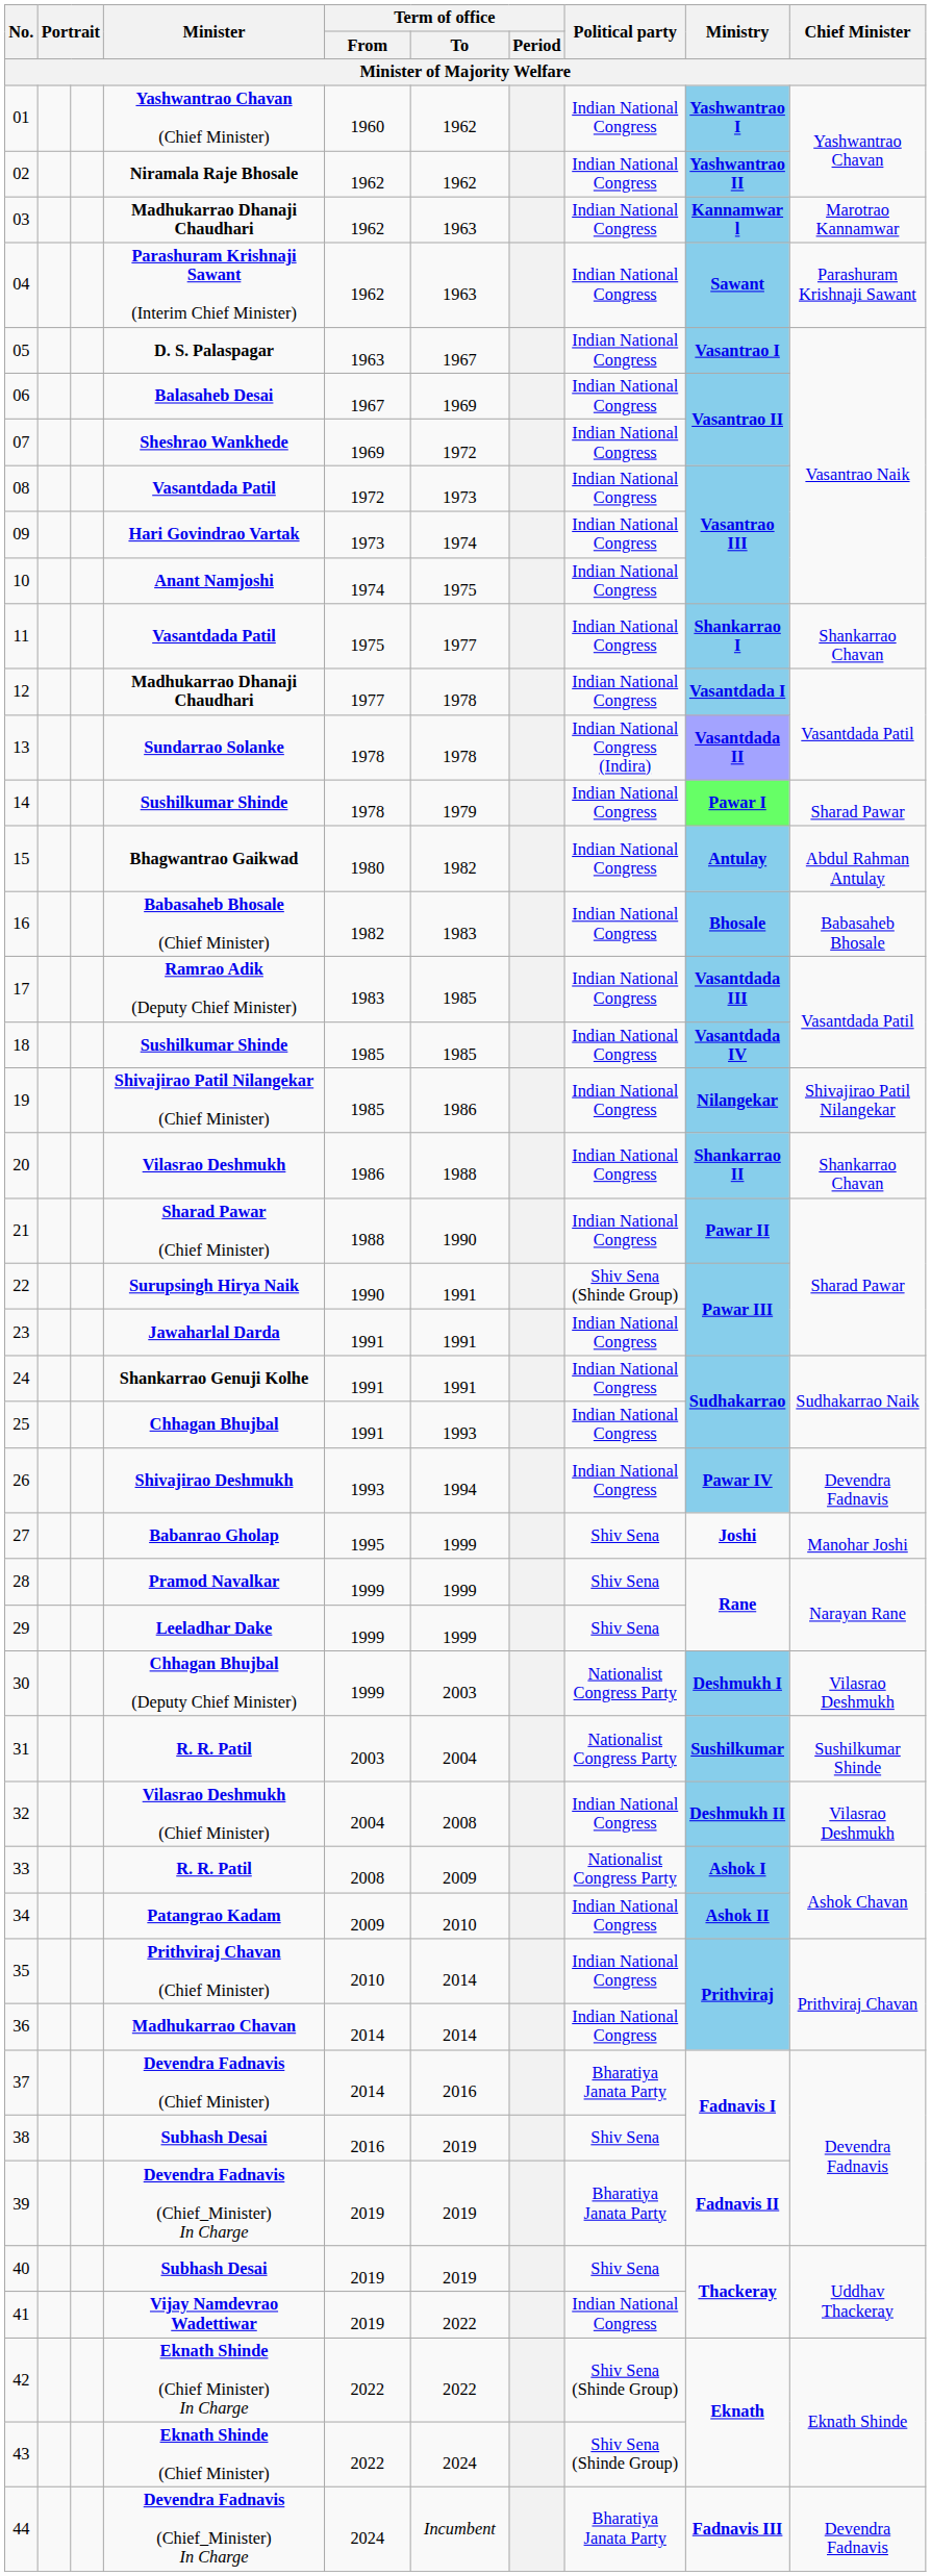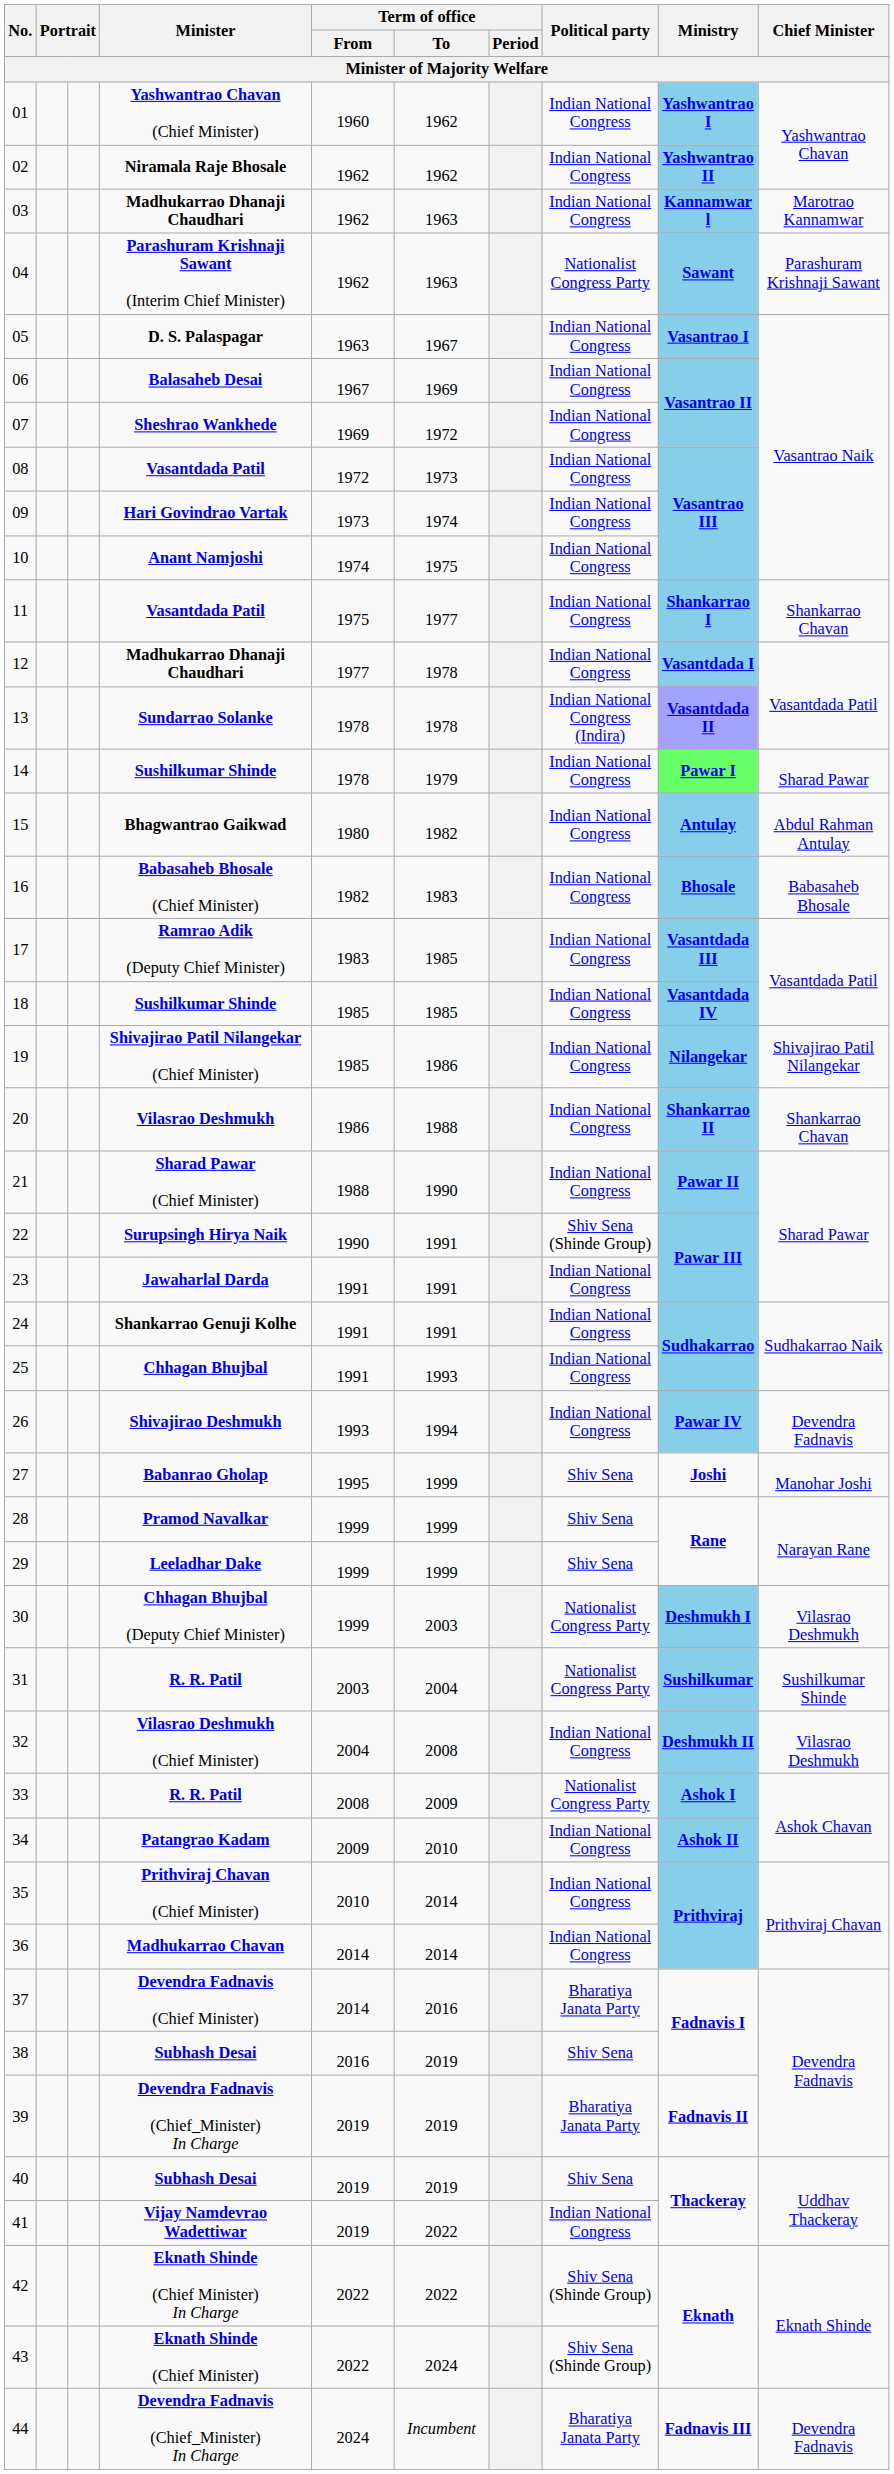 <table class="wikitable" style="text-align:center">
 <tr>
 <th rowspan="2">No.</th>
 <th rowspan="2" colspan="2">Portrait</th>
 <th rowspan="2" style="width:16em">Minister<br></th>
 <th colspan="3">Term of office</th>
 <th rowspan="2" style="width:8em">Political party</th>
 <th rowspan="2">Ministry</th>
 <th rowspan="2" style="width:9em">Chief Minister</th>
 </tr>
 <tr>
 <th style="width:6em">From</th>
 <th style="width:6em">To</th>
 <th>Period</th>
 </tr>
 <tr>
 <th colspan="10">Minister of Majority Welfare</th>
 </tr>
 <tr>
 <td>01</td>
 <td style="color:inherit;background:"></td>
 <td></td>
 <td><strong><a href='#'>Yashwantrao Chavan</a></strong> <br> <br> (Chief Minister)</td>
 <td><br>1960</td>
 <td><br>1962</td>
 <th></th>
 <td><a href='#'>Indian National Congress</a></td>
 <td bgcolor="#87CEEB"><a href='#'><strong>Yashwantrao I</strong></a></td>
 <td rowspan="2"> <br><a href='#'>Yashwantrao Chavan</a></td>
 </tr>
 <tr>
 <td>02</td>
 <td style="color:inherit;background:"></td>
 <td></td>
 <td><strong>Niramala Raje Bhosale</strong> <br> </td>
 <td><br>1962</td>
 <td><br>1962</td>
 <th></th>
 <td><a href='#'>Indian National Congress</a></td>
 <td bgcolor="#87CEEB"><a href='#'><strong>Yashwantrao II</strong></a></td>
 </tr>
 <tr>
 <td>03</td>
 <td style="color:inherit;background:"></td>
 <td></td>
 <td><strong>Madhukarrao Dhanaji Chaudhari</strong> <br> </td>
 <td><br>1962</td>
 <td><br>1963</td>
 <th></th>
 <td><a href='#'>Indian National Congress</a></td>
 <td bgcolor="#87CEEB"><a href='#'><strong>Kannamwar l</strong></a></td>
 <td><a href='#'>Marotrao Kannamwar</a></td>
 </tr>
 <tr>
 <td>04</td>
 <td style="color:inherit;background:"></td>
 <td></td>
 <td><strong><a href='#'>Parashuram Krishnaji Sawant</a></strong> <br>  <br>(Interim Chief Minister)</td>
 <td><br>1962</td>
 <td><br>1963</td>
 <th></th>
-<td><a href='#'>Indian National Congress</a></td>
+<td><a href='#'>Nationalist Congress Party</a></td>
 <td bgcolor="#87CEEB"><a href='#'><strong>Sawant</strong></a></td>
 <td><a href='#'>Parashuram Krishnaji Sawant</a></td>
 </tr>
 <tr>
 <td>05</td>
 <td style="color:inherit;background:"></td>
 <td></td>
 <td><strong>D. S. Palaspagar</strong> <br> </td>
 <td><br>1963</td>
 <td><br>1967</td>
 <th></th>
 <td><a href='#'>Indian National Congress</a></td>
 <td bgcolor="#87CEEB"><a href='#'><strong>Vasantrao I</strong></a></td>
 <td rowspan="6"><br><a href='#'>Vasantrao Naik</a></td>
 </tr>
 <tr>
 <td>06</td>
 <td style="color:inherit;background:"></td>
 <td></td>
 <td><strong><a href='#'>Balasaheb Desai</a></strong> <br> </td>
 <td><br>1967</td>
 <td><br>1969</td>
 <th></th>
 <td><a href='#'>Indian National Congress</a></td>
 <td rowspan="2" bgcolor="#87CEEB"><a href='#'><strong>Vasantrao II</strong></a></td>
 </tr>
 <tr>
 <td>07</td>
 <td style="color:inherit;background:"></td>
 <td></td>
 <td><strong><a href='#'>Sheshrao Wankhede</a></strong> <br> </td>
 <td><br>1969</td>
 <td><br>1972</td>
 <th></th>
 <td><a href='#'>Indian National Congress</a></td>
 </tr>
 <tr>
 <td>08</td>
 <td style="color:inherit;background:"></td>
 <td></td>
 <td><strong><a href='#'>Vasantdada Patil</a></strong> <br> </td>
 <td><br>1972</td>
 <td><br>1973</td>
 <th></th>
 <td><a href='#'>Indian National Congress</a></td>
 <td rowspan="3" bgcolor="#87CEEB"><a href='#'><strong>Vasantrao III</strong></a></td>
 </tr>
 <tr>
 <td>09</td>
 <td style="color:inherit;background:"></td>
 <td></td>
 <td><strong><a href='#'>Hari Govindrao Vartak</a></strong> <br> </td>
 <td><br>1973</td>
 <td><br>1974</td>
 <th></th>
 <td><a href='#'>Indian National Congress</a></td>
 </tr>
 <tr>
 <td>10</td>
 <td style="color:inherit;background:"></td>
 <td></td>
 <td><strong><a href='#'>Anant Namjoshi</a></strong> <br> </td>
 <td><br>1974</td>
 <td><br>1975</td>
 <th></th>
 <td><a href='#'>Indian National Congress</a></td>
 </tr>
 <tr>
 <td>11</td>
 <td style="color:inherit;background:"></td>
 <td></td>
 <td><strong><a href='#'>Vasantdada Patil</a></strong> <br> </td>
 <td><br>1975</td>
 <td><br>1977</td>
 <th></th>
 <td><a href='#'>Indian National Congress</a></td>
 <td rowspan="1" bgcolor="#87CEEB"><a href='#'><strong>Shankarrao I</strong></a></td>
 <td rowspan="1"><br><a href='#'>Shankarrao Chavan</a></td>
 </tr>
 <tr>
 <td>12</td>
 <td style="color:inherit;background:"></td>
 <td></td>
 <td><strong>Madhukarrao Dhanaji Chaudhari</strong> <br> </td>
 <td><br>1977</td>
 <td><br>1978</td>
 <th></th>
 <td><a href='#'>Indian National Congress</a></td>
 <td rowspan="1" bgcolor="#88CEEB"><a href='#'><strong>Vasantdada I</strong></a></td>
 <td rowspan="2"><br><a href='#'>Vasantdada Patil</a></td>
 </tr>
 <tr>
 <td>13</td>
 <td style="color:inherit;background:"></td>
 <td></td>
 <td><strong><a href='#'>Sundarrao Solanke</a></strong> <br> </td>
 <td><br>1978</td>
 <td><br>1978</td>
 <th></th>
 <td><a href='#'>Indian National Congress (Indira)</a></td>
 <td rowspan="1" bgcolor="#A3A3FF"><a href='#'><strong>Vasantdada II</strong></a></td>
 </tr>
 <tr>
 <td>14</td>
 <td style="color:inherit;background:"></td>
 <td></td>
 <td><strong><a href='#'>Sushilkumar Shinde</a></strong> <br> </td>
 <td><br>1978</td>
 <td><br>1979</td>
 <th></th>
 <td><a href='#'>Indian National Congress</a></td>
 <td rowspan="1" bgcolor="#66FF66"><a href='#'><strong>Pawar I</strong></a></td>
 <td rowspan="1"><br><a href='#'>Sharad Pawar</a></td>
 </tr>
 <tr>
 <td>15</td>
 <td style="color:inherit;background:"></td>
 <td></td>
 <td><strong>Bhagwantrao Gaikwad</strong> <br> </td>
 <td><br>1980</td>
 <td><br>1982</td>
 <th></th>
 <td><a href='#'>Indian National Congress</a></td>
 <td rowspan="1" bgcolor="#87CEEB"><a href='#'><strong>Antulay</strong></a></td>
 <td rowspan="1"> <br><a href='#'>Abdul Rahman Antulay</a></td>
 </tr>
 <tr>
 <td>16</td>
 <td style="color:inherit;background:"></td>
 <td></td>
 <td><strong><a href='#'>Babasaheb Bhosale</a></strong> <br> <br> (Chief Minister)</td>
 <td><br>1982</td>
 <td><br>1983</td>
 <th></th>
 <td><a href='#'>Indian National Congress</a></td>
 <td rowspan="1" bgcolor="#87CEEB"><a href='#'><strong>Bhosale</strong></a></td>
 <td rowspan="1"> <br><a href='#'>Babasaheb Bhosale</a></td>
 </tr>
 <tr>
 <td>17</td>
 <td style="color:inherit;background:"></td>
 <td></td>
 <td><strong><a href='#'>Ramrao Adik</a></strong> <br> <br>(Deputy Chief Minister)</td>
 <td><br>1983</td>
 <td><br>1985</td>
 <th></th>
 <td><a href='#'>Indian National Congress</a></td>
 <td rowspan="1" bgcolor="#87CEEB"><a href='#'><strong>Vasantdada III</strong></a></td>
 <td rowspan="2"><br><a href='#'>Vasantdada Patil</a></td>
 </tr>
 <tr>
 <td>18</td>
 <td style="color:inherit;background:"></td>
 <td></td>
 <td><strong><a href='#'>Sushilkumar Shinde</a></strong> <br> </td>
 <td><br>1985</td>
 <td><br>1985</td>
 <th></th>
 <td><a href='#'>Indian National Congress</a></td>
 <td rowspan="1" bgcolor="#87CEEB"><a href='#'><strong>Vasantdada IV</strong></a></td>
 </tr>
 <tr>
 <td>19</td>
 <td style="color:inherit;background:"></td>
 <td></td>
 <td><strong><a href='#'>Shivajirao Patil Nilangekar</a></strong> <br> <br> (Chief Minister)</td>
 <td><br>1985</td>
 <td><br>1986</td>
 <th></th>
 <td><a href='#'>Indian National Congress</a></td>
 <td rowspan="1" bgcolor="#87CEEB"><a href='#'><strong>Nilangekar</strong></a></td>
 <td rowspan="1"><a href='#'>Shivajirao Patil Nilangekar</a></td>
 </tr>
 <tr>
 <td>20</td>
 <td style="color:inherit;background:"></td>
 <td></td>
 <td><strong><a href='#'>Vilasrao Deshmukh</a></strong> <br> </td>
 <td><br>1986</td>
 <td><br>1988</td>
 <th></th>
 <td><a href='#'>Indian National Congress</a></td>
 <td rowspan="1"bgcolor="#87CEEB"><a href='#'><strong>Shankarrao II</strong></a></td>
 <td rowspan="1"> <br><a href='#'>Shankarrao Chavan</a></td>
 </tr>
 <tr>
 <td>21</td>
 <td style="color:inherit;background:"></td>
 <td></td>
 <td><strong><a href='#'>Sharad Pawar</a></strong> <br> <br> (Chief Minister)</td>
 <td><br>1988</td>
 <td><br>1990</td>
 <th></th>
 <td><a href='#'>Indian National Congress</a></td>
 <td rowspan="1" bgcolor="#87CEEB"><a href='#'><strong>Pawar II</strong></a></td>
 <td rowspan="3"> <br><a href='#'>Sharad Pawar</a></td>
 </tr>
 <tr>
 <td>22</td>
 <td style="color:inherit;background:"></td>
 <td></td>
 <td><strong><a href='#'>Surupsingh Hirya Naik</a></strong> <br> </td>
 <td><br>1990</td>
 <td><br>1991</td>
 <th></th>
 <td><a href='#'>Shiv Sena</a> (Shinde Group)</td>
 <td rowspan="2" bgcolor="#87CEEB"><a href='#'><strong>Pawar III</strong></a></td>
 </tr>
 <tr>
 <td>23</td>
 <td style="color:inherit;background:"></td>
 <td></td>
 <td><strong><a href='#'>Jawaharlal Darda</a></strong> <br> </td>
 <td><br>1991</td>
 <td><br>1991</td>
 <th></th>
 <td><a href='#'>Indian National Congress</a></td>
 </tr>
 <tr>
 <td>24</td>
 <td style="color:inherit;background:"></td>
 <td></td>
 <td><strong>Shankarrao Genuji Kolhe</strong> <br> </td>
 <td><br>1991</td>
 <td><br>1991</td>
 <th></th>
 <td><a href='#'>Indian National Congress</a></td>
 <td rowspan="2" bgcolor="#87CEEB"><a href='#'><strong>Sudhakarrao</strong></a></td>
 <td rowspan="2"><a href='#'>Sudhakarrao Naik</a></td>
 </tr>
 <tr>
 <td>25</td>
 <td style="color:inherit;background:"></td>
 <td></td>
 <td><strong><a href='#'>Chhagan Bhujbal</a></strong> <br> </td>
 <td><br>1991</td>
 <td><br>1993</td>
 <th></th>
 <td><a href='#'>Indian National Congress</a></td>
 </tr>
 <tr>
 <td>26</td>
 <td style="color:inherit;background:"></td>
 <td></td>
 <td><strong><a href='#'>Shivajirao Deshmukh</a></strong> <br> </td>
 <td><br>1993</td>
 <td><br>1994</td>
 <th></th>
 <td><a href='#'>Indian National Congress</a></td>
 <td rowspan="1" bgcolor="#87CEEB"><a href='#'><strong>Pawar IV</strong></a></td>
 <td rowspan="1"> <br><a href='#'>Devendra Fadnavis</a></td>
 </tr>
 <tr>
 <td>27</td>
 <td style="color:inherit;background:"></td>
 <td></td>
 <td><strong><a href='#'>Babanrao Gholap</a></strong> <br> </td>
 <td><br>1995</td>
 <td><br>1999</td>
 <th></th>
 <td><a href='#'>Shiv Sena</a></td>
 <td rowspan="1"><a href='#'><strong>Joshi</strong></a></td>
 <td rowspan="1"> <br><a href='#'>Manohar Joshi</a></td>
 </tr>
 <tr>
 <td>28</td>
 <td style="color:inherit;background:"></td>
 <td></td>
 <td><strong><a href='#'>Pramod Navalkar</a></strong> <br> </td>
 <td><br>1999</td>
 <td><br>1999</td>
 <th></th>
 <td><a href='#'>Shiv Sena</a></td>
 <td rowspan="2"><a href='#'><strong>Rane</strong></a></td>
 <td rowspan="2"> <br><a href='#'>Narayan Rane</a></td>
 </tr>
 <tr>
 <td>29</td>
 <td style="color:inherit;background:"></td>
 <td></td>
 <td><strong><a href='#'>Leeladhar Dake</a></strong> <br> </td>
 <td><br>1999</td>
 <td><br>1999</td>
 <th></th>
 <td><a href='#'>Shiv Sena</a></td>
 </tr>
 <tr>
 <td>30</td>
 <td style="color:inherit;background:"></td>
 <td></td>
 <td><strong><a href='#'>Chhagan Bhujbal</a></strong> <br> <br>(Deputy Chief Minister)</td>
 <td><br>1999</td>
 <td><br>2003</td>
 <th></th>
 <td><a href='#'>Nationalist Congress Party</a></td>
 <td rowspan="1" bgcolor="#87CEEB"><a href='#'><strong>Deshmukh I</strong></a></td>
 <td rowspan="1"> <br><a href='#'>Vilasrao Deshmukh</a></td>
 </tr>
 <tr>
 <td>31</td>
 <td style="color:inherit;background:"></td>
 <td></td>
 <td><strong><a href='#'>R. R. Patil</a></strong> <br> </td>
 <td><br>2003</td>
 <td><br>2004</td>
 <th></th>
 <td><a href='#'>Nationalist Congress Party</a></td>
 <td rowspan="1" bgcolor="#87CEEB"><a href='#'><strong>Sushilkumar</strong></a></td>
 <td rowspan="1"> <br><a href='#'>Sushilkumar Shinde</a></td>
 </tr>
 <tr>
 <td>32</td>
 <td style="color:inherit;background:"></td>
 <td></td>
 <td><strong><a href='#'>Vilasrao Deshmukh</a></strong> <br> <br> (Chief Minister)</td>
 <td><br>2004</td>
 <td><br>2008</td>
 <th></th>
 <td><a href='#'>Indian National Congress</a></td>
 <td rowspan="1" bgcolor="#87CEEB"><a href='#'><strong>Deshmukh II</strong></a></td>
 <td rowspan="1"> <br><a href='#'>Vilasrao Deshmukh</a></td>
 </tr>
 <tr>
 <td>33</td>
 <td style="color:inherit;background:"></td>
 <td></td>
 <td><strong><a href='#'>R. R. Patil</a></strong> <br> </td>
 <td><br>2008</td>
 <td><br>2009</td>
 <th></th>
 <td><a href='#'>Nationalist Congress Party</a></td>
 <td rowspan="1" bgcolor="#87CEEB"><a href='#'><strong>Ashok I</strong></a></td>
 <td rowspan="2"><br><a href='#'>Ashok Chavan</a></td>
 </tr>
 <tr>
 <td>34</td>
 <td style="color:inherit;background:"></td>
 <td></td>
 <td><strong><a href='#'>Patangrao Kadam</a></strong>  <br> </td>
 <td><br>2009</td>
 <td><br>2010</td>
 <th></th>
 <td><a href='#'>Indian National Congress</a></td>
 <td rowspan="1"bgcolor="#87CEEB"><a href='#'><strong>Ashok II</strong></a></td>
 </tr>
 <tr>
 <td>35</td>
 <td style="color:inherit;background:"></td>
 <td></td>
 <td><strong><a href='#'>Prithviraj Chavan</a></strong> <br> <br> (Chief Minister)</td>
 <td><br>2010</td>
 <td><br>2014</td>
 <th></th>
 <td><a href='#'>Indian National Congress</a></td>
 <td rowspan="2" bgcolor="#87CEEB"><a href='#'><strong>Prithviraj</strong></a></td>
 <td rowspan="2"><br><a href='#'>Prithviraj Chavan</a></td>
 </tr>
 <tr>
 <td>36</td>
 <td style="color:inherit;background:"></td>
 <td></td>
 <td><strong><a href='#'>Madhukarrao Chavan</a></strong> <br> </td>
 <td><br>2014</td>
 <td><br>2014</td>
 <th></th>
 <td><a href='#'>Indian National Congress</a></td>
 </tr>
 <tr>
 <td>37</td>
 <td style="color:inherit;background:"></td>
 <td></td>
 <td><strong><a href='#'>Devendra Fadnavis</a></strong>  <br>  <br>(Chief Minister)</td>
 <td><br>2014</td>
 <td><br>2016</td>
 <th></th>
 <td rowspan="1"><a href='#'>Bharatiya Janata Party</a></td>
 <td rowspan="2"><a href='#'><strong>Fadnavis I</strong></a></td>
 <td rowspan="3"> <br><a href='#'>Devendra Fadnavis</a></td>
 </tr>
 <tr>
 <td>38</td>
 <td style="color:inherit;background:"></td>
 <td></td>
 <td><strong><a href='#'>Subhash Desai</a></strong> <br> </td>
 <td><br>2016</td>
 <td><br>2019</td>
 <th></th>
 <td rowspan="1"><a href='#'>Shiv Sena</a></td>
 </tr>
 <tr>
 <td>39</td>
 <td style="color:inherit;background:"></td>
 <td></td>
 <td><strong><a href='#'>Devendra Fadnavis</a></strong>  <br> <br>(Chief_Minister) <br><em>In Charge</em></td>
 <td><br>2019</td>
 <td><br>2019</td>
 <th></th>
 <td><a href='#'>Bharatiya Janata Party</a></td>
 <td rowspan="1"><a href='#'><strong>Fadnavis II</strong></a></td>
 </tr>
 <tr>
 <td>40</td>
 <td style="color:inherit;background:"></td>
 <td></td>
 <td><strong><a href='#'>Subhash Desai</a></strong> <br> </td>
 <td><br>2019</td>
 <td><br>2019</td>
 <th></th>
 <td><a href='#'>Shiv Sena</a></td>
 <td rowspan="2"><a href='#'><strong>Thackeray</strong></a></td>
 <td rowspan="2"> <br><a href='#'>Uddhav Thackeray</a></td>
 </tr>
 <tr>
 <td>41</td>
 <td style="color:inherit;background:"></td>
 <td></td>
 <td><strong><a href='#'>Vijay Namdevrao Wadettiwar</a></strong> <br> </td>
 <td><br>2019</td>
 <td><br>2022</td>
 <th></th>
 <td><a href='#'>Indian National Congress</a></td>
 </tr>
 <tr>
 <td>42</td>
 <td style="color:inherit;background:"></td>
 <td></td>
 <td><strong><a href='#'>Eknath Shinde</a></strong> <br>  <br>(Chief Minister)<br><em>In Charge</em></td>
 <td><br>2022</td>
 <td><br>2022</td>
 <th></th>
 <td><a href='#'>Shiv Sena</a> (Shinde Group)</td>
 <td rowspan="2"><a href='#'><strong>Eknath</strong></a></td>
 <td rowspan="2"> <br><a href='#'>Eknath Shinde</a></td>
 </tr>
 <tr>
 <td>43</td>
 <td style="color:inherit;background:"></td>
 <td></td>
 <td><strong><a href='#'>Eknath Shinde</a></strong> <br>  <br>(Chief Minister)</td>
 <td><br>2022</td>
 <td><br>2024</td>
 <th></th>
 <td><a href='#'>Shiv Sena</a> (Shinde Group)</td>
 </tr>
 <tr>
 <td>44</td>
 <td style="color:inherit;background:"></td>
 <td></td>
 <td><strong><a href='#'>Devendra Fadnavis</a></strong>  <br> <br>(Chief_Minister) <br><em>In Charge</em></td>
 <td><br>2024</td>
 <td><em>Incumbent</em></td>
 <th></th>
 <td><a href='#'>Bharatiya Janata Party</a></td>
 <td rowspan="1"><a href='#'><strong>Fadnavis III</strong></a></td>
 <td rowspan="1"> <br><a href='#'>Devendra Fadnavis</a></td>
 </tr>
 <tr>
 </tr>
 </table>
